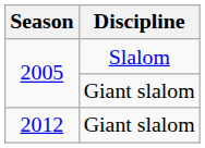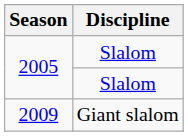 <table class=wikitable style="text-align:center">
 <tr>
 <th>Season</th>
 <th>Discipline</th>
 </tr>
 <tr>
 <td rowspan=2><a href='#'>2005</a></td>
 <td><a href='#'>Slalom</a></td>
 </tr>
 <tr>
-<td>Giant slalom</td>
+<td><a href='#'>Slalom</a></td>
 </tr>
 <tr>
-<td><a href='#'>2012</a></td>
+<td><a href='#'>2009</a></td>
 <td>Giant slalom</td>
 </tr>
 </table>
